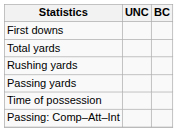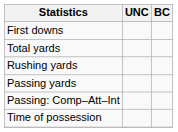 <table class="wikitable" style="float: left;">
 <tr>
 <th>Statistics</th>
 <th>UNC</th>
 <th>BC</th>
 </tr>
 <tr>
 <td>First downs</td>
 <td></td>
 <td></td>
 </tr>
 <tr>
 <td>Total yards</td>
 <td></td>
 <td></td>
 </tr>
 <tr>
 <td>Rushing yards</td>
 <td></td>
 <td></td>
 </tr>
 <tr>
 <td>Passing yards</td>
 <td></td>
 <td></td>
 </tr>
 <tr>
-<td>Time of possession</td>
+<td>Passing: Comp–Att–Int</td>
 <td></td>
 <td></td>
 </tr>
 <tr>
-<td>Passing: Comp–Att–Int</td>
+<td>Time of possession</td>
 <td></td>
 <td></td>
 </tr>
 <tr>
 </tr>
 </table>
